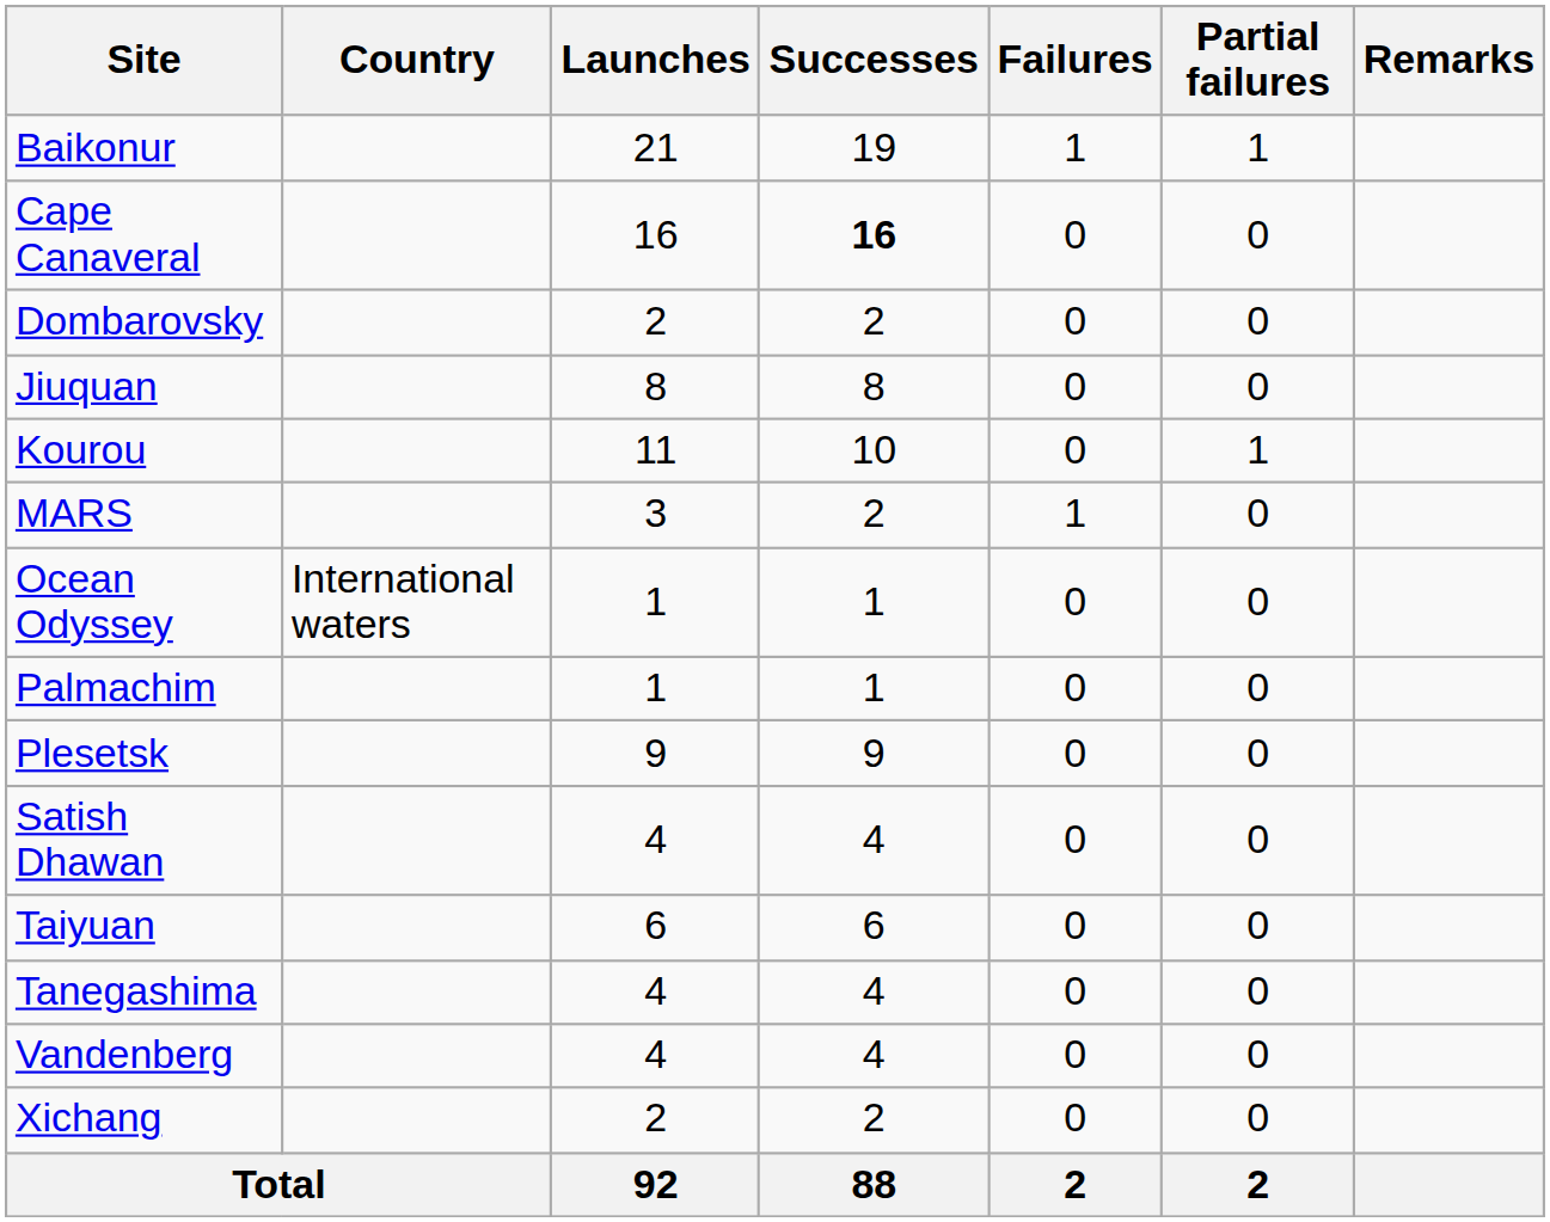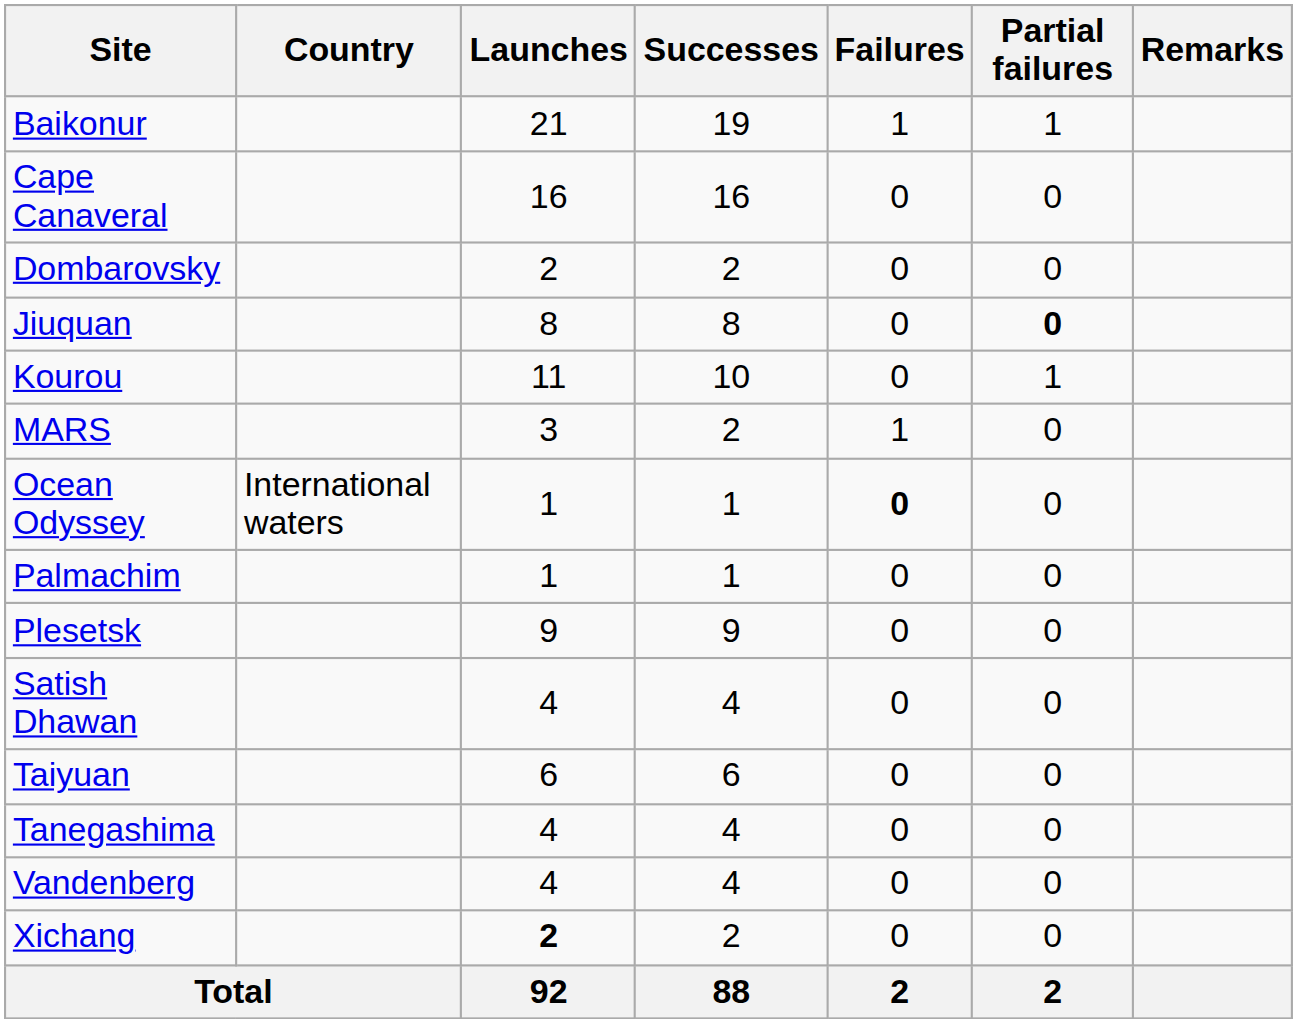 <table class="wikitable sortable" style=text-align:center>
 <tr>
 <th>Site</th>
 <th>Country</th>
 <th>Launches</th>
 <th>Successes</th>
 <th>Failures</th>
 <th>Partial failures</th>
 <th>Remarks</th>
 </tr>
 <tr>
 <td align=left><a href='#'>Baikonur</a></td>
 <td align=left></td>
 <td>21</td>
 <td>19</td>
 <td>1</td>
 <td>1</td>
 <td></td>
 </tr>
 <tr>
 <td align=left><a href='#'>Cape Canaveral</a></td>
 <td align=left></td>
 <td>16</td>
-<td><strong>16</strong></td>
+<td>16</td>
 <td>0</td>
 <td>0</td>
 <td></td>
 </tr>
 <tr>
 <td align=left><a href='#'>Dombarovsky</a></td>
 <td align=left></td>
 <td>2</td>
 <td>2</td>
 <td>0</td>
 <td>0</td>
 <td></td>
 </tr>
 <tr>
 <td align=left><a href='#'>Jiuquan</a></td>
 <td align=left></td>
 <td>8</td>
 <td>8</td>
 <td>0</td>
-<td>0</td>
+<td><strong>0</strong></td>
 <td></td>
 </tr>
 <tr>
 <td align=left><a href='#'>Kourou</a></td>
 <td align=left></td>
 <td>11</td>
 <td>10</td>
 <td>0</td>
 <td>1</td>
 <td></td>
 </tr>
 <tr>
 <td align=left><a href='#'>MARS</a></td>
 <td align=left></td>
 <td>3</td>
 <td>2</td>
 <td>1</td>
 <td>0</td>
 <td></td>
 </tr>
 <tr>
 <td align=left><a href='#'>Ocean Odyssey</a></td>
 <td align=left> International waters</td>
 <td>1</td>
 <td>1</td>
-<td>0</td>
+<td><strong>0</strong></td>
 <td>0</td>
 <td></td>
 </tr>
 <tr>
 <td align=left><a href='#'>Palmachim</a></td>
 <td align=left></td>
 <td>1</td>
 <td>1</td>
 <td>0</td>
 <td>0</td>
 <td></td>
 </tr>
 <tr>
 <td align=left><a href='#'>Plesetsk</a></td>
 <td align=left></td>
 <td>9</td>
 <td>9</td>
 <td>0</td>
 <td>0</td>
 <td></td>
 </tr>
 <tr>
 <td align=left><a href='#'>Satish Dhawan</a></td>
 <td align=left></td>
 <td>4</td>
 <td>4</td>
 <td>0</td>
 <td>0</td>
 <td></td>
 </tr>
 <tr>
 <td align=left><a href='#'>Taiyuan</a></td>
 <td align=left></td>
 <td>6</td>
 <td>6</td>
 <td>0</td>
 <td>0</td>
 <td></td>
 </tr>
 <tr>
 <td align=left><a href='#'>Tanegashima</a></td>
 <td align=left></td>
 <td>4</td>
 <td>4</td>
 <td>0</td>
 <td>0</td>
 <td></td>
 </tr>
 <tr>
 <td align=left><a href='#'>Vandenberg</a></td>
 <td align=left></td>
 <td>4</td>
 <td>4</td>
 <td>0</td>
 <td>0</td>
 <td></td>
 </tr>
 <tr>
 <td align=left><a href='#'>Xichang</a></td>
 <td align=left></td>
-<td>2</td>
+<td><strong>2</strong></td>
 <td>2</td>
 <td>0</td>
 <td>0</td>
 <td></td>
 </tr>
 <tr class="sortbottom">
 <th colspan=2>Total</th>
 <th>92</th>
 <th>88</th>
 <th>2</th>
 <th>2</th>
 <th></th>
 </tr>
 </table>
